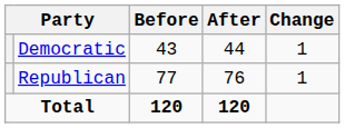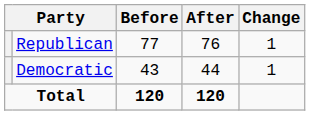 <table class="wikitable" style="text-align:center;">
 <tr>
 <th colspan="2">Party</th>
 <th>Before</th>
 <th>After</th>
 <th>Change</th>
 </tr>
 <tr>
 <th style="background-color:"></th>
-<td style="text-align:left;"><a href='#'>Democratic</a></td>
-<td>43</td>
-<td>44</td>
+<td style="text-align:left;"><a href='#'>Republican</a></td>
+<td>77</td>
+<td>76</td>
 <td> 1</td>
 </tr>
 <tr>
 <th style="background-color:"></th>
-<td style="text-align:left;"><a href='#'>Republican</a></td>
-<td>77</td>
-<td>76</td>
+<td style="text-align:left;"><a href='#'>Democratic</a></td>
+<td>43</td>
+<td>44</td>
 <td> 1</td>
 </tr>
 <tr>
 <td colspan="2"><strong>Total</strong></td>
 <td><strong>120</strong></td>
 <td><strong>120</strong></td>
 <td></td>
 </tr>
 </table>
